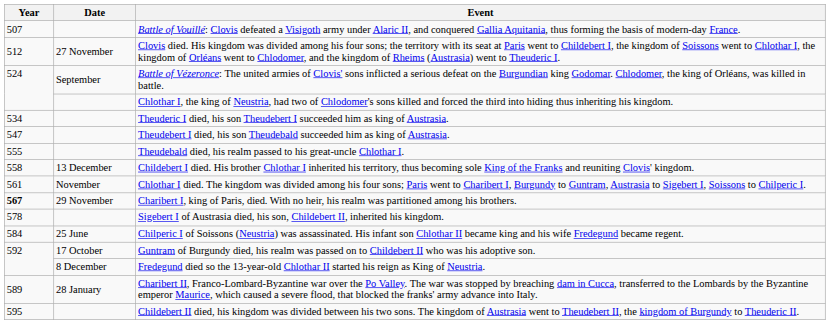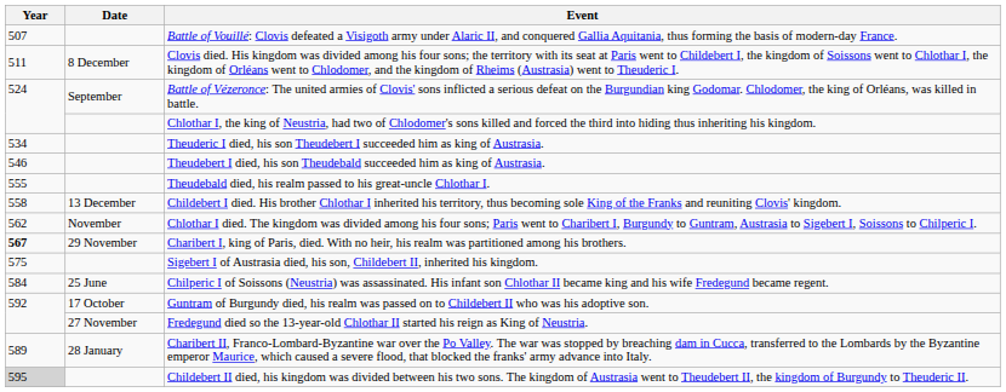 <table class="wikitable" width="100%">
 <tr>
 <th style="width:6%">Year</th>
 <th style="width:10%">Date</th>
 <th>Event</th>
 </tr>
 <tr>
 <td>507</td>
 <td></td>
 <td><em><a href='#'>Battle of Vouillé</a></em>: <a href='#'>Clovis</a> defeated a <a href='#'>Visigoth</a> army under <a href='#'>Alaric II</a>, and conquered <a href='#'>Gallia Aquitania</a>, thus forming the basis of modern-day <a href='#'>France</a>.</td>
 </tr>
 <tr>
-<td>512</td>
-<td>27 November</td>
+<td>511</td>
+<td>8 December</td>
 <td><a href='#'>Clovis</a> died. His kingdom was divided among his four sons; the territory with its seat at <a href='#'>Paris</a> went to <a href='#'>Childebert I</a>, the kingdom of <a href='#'>Soissons</a> went to <a href='#'>Chlothar I</a>, the kingdom of <a href='#'>Orléans</a> went to <a href='#'>Chlodomer</a>, and the kingdom of <a href='#'>Rheims</a> (<a href='#'>Austrasia</a>) went to <a href='#'>Theuderic I</a>.</td>
 </tr>
 <tr>
 <td rowspan="2" valign="top">524</td>
 <td>September</td>
 <td><em><a href='#'>Battle of Vézeronce</a></em>: The united armies of <a href='#'>Clovis'</a> sons inflicted a serious defeat on the <a href='#'>Burgundian</a> king <a href='#'>Godomar</a>. <a href='#'>Chlodomer</a>, the king of Orléans, was killed in battle.</td>
 </tr>
 <tr>
 <td></td>
 <td><a href='#'>Chlothar I</a>, the king of <a href='#'>Neustria</a>, had two of <a href='#'>Chlodomer</a>'s sons killed and forced the third into hiding thus inheriting his kingdom.</td>
 </tr>
 <tr>
 <td>534</td>
 <td></td>
 <td><a href='#'>Theuderic I</a> died, his son <a href='#'>Theudebert I</a> succeeded him as king of <a href='#'>Austrasia</a>.</td>
 </tr>
 <tr>
-<td>547</td>
+<td>546</td>
 <td></td>
 <td><a href='#'>Theudebert I</a> died, his son <a href='#'>Theudebald</a> succeeded him as king of <a href='#'>Austrasia</a>.</td>
 </tr>
 <tr>
 <td>555</td>
 <td></td>
 <td><a href='#'>Theudebald</a> died, his realm passed to his great-uncle <a href='#'>Chlothar I</a>.</td>
 </tr>
 <tr>
 <td>558</td>
 <td>13 December</td>
 <td><a href='#'>Childebert I</a> died. His brother <a href='#'>Chlothar I</a> inherited his territory, thus becoming sole <a href='#'>King of the Franks</a> and reuniting <a href='#'>Clovis</a>' kingdom.</td>
 </tr>
 <tr>
-<td>561</td>
+<td>562</td>
 <td>November</td>
 <td><a href='#'>Chlothar I</a> died. The kingdom was divided among his four sons; <a href='#'>Paris</a> went to <a href='#'>Charibert I</a>, <a href='#'>Burgundy</a> to <a href='#'>Guntram</a>, <a href='#'>Austrasia</a> to <a href='#'>Sigebert I</a>, <a href='#'>Soissons</a> to <a href='#'>Chilperic I</a>.</td>
 </tr>
 <tr>
 <td><strong>567</strong></td>
 <td>29 November</td>
 <td><a href='#'>Charibert I</a>, king of Paris, died. With no heir, his realm was partitioned among his brothers.</td>
 </tr>
 <tr>
-<td>578</td>
+<td>575</td>
 <td></td>
 <td><a href='#'>Sigebert I</a> of Austrasia died, his son, <a href='#'>Childebert II</a>, inherited his kingdom.</td>
 </tr>
 <tr>
 <td>584</td>
 <td>25 June</td>
 <td><a href='#'>Chilperic I</a> of Soissons (<a href='#'>Neustria</a>) was assassinated. His infant son <a href='#'>Chlothar II</a> became king and his wife <a href='#'>Fredegund</a> became regent.</td>
 </tr>
 <tr>
 <td rowspan="2" valign="top">592</td>
 <td>17 October</td>
 <td><a href='#'>Guntram</a> of Burgundy died, his realm was passed on to <a href='#'>Childebert II</a> who was his adoptive son.</td>
 </tr>
 <tr>
-<td>8 December</td>
+<td>27 November</td>
 <td><a href='#'>Fredegund</a> died so the 13-year-old <a href='#'>Chlothar II</a> started his reign as King of <a href='#'>Neustria</a>.</td>
 </tr>
 <tr>
 <td>589</td>
 <td>28 January</td>
 <td><a href='#'>Charibert II</a>, Franco-Lombard-Byzantine war over the <a href='#'>Po Valley</a>. The war was stopped by breaching <a href='#'>dam in Cucca</a>, transferred to the Lombards by the Byzantine emperor <a href='#'>Maurice</a>, which caused a severe flood, that blocked the franks' army advance into Italy.</td>
 </tr>
 <tr>
-<td>595</td>
+<td style="background: lightgrey;">595</td>
 <td></td>
 <td><a href='#'>Childebert II</a> died, his kingdom was divided between his two sons. The kingdom of <a href='#'>Austrasia</a> went to <a href='#'>Theudebert II</a>, the <a href='#'>kingdom of Burgundy</a> to <a href='#'>Theuderic II</a>.</td>
 </tr>
 </table>
